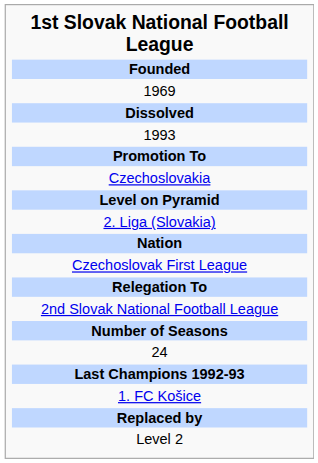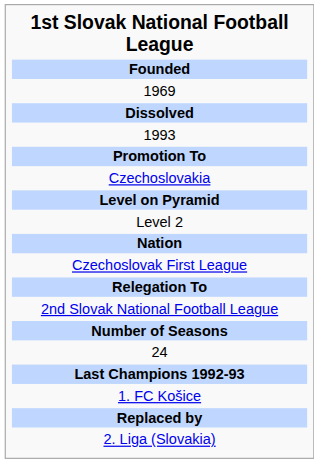 <table class="infobox football" style="width: 16em; text-align: center;">
 <tr>
 <th style="font-size: 16px;">1st Slovak National Football League</th>
 </tr>
 <tr>
 <td style="font-size: 12px; background: #BFD7FF;"><strong>Founded</strong></td>
 </tr>
 <tr>
 <td style="font-size: 12px;">1969</td>
 </tr>
 <tr>
 <td style="font-size: 12px; background: #BFD7FF;"><strong>Dissolved</strong></td>
 </tr>
 <tr>
 <td style="font-size: 12px;">1993</td>
 </tr>
 <tr>
 <td style="font-size: 12px; background: #BFD7FF;"><strong>Promotion To</strong></td>
 </tr>
 <tr>
 <td style="font-size: 12px;"><a href='#'>Czechoslovakia</a></td>
 </tr>
 <tr>
 <td style="font-size: 12px; background: #BFD7FF;"><strong>Level on Pyramid</strong></td>
 </tr>
 <tr>
-<td style="font-size: 12px;"><a href='#'>2. Liga (Slovakia)</a></td>
+<td style="font-size: 12px;">Level 2</td>
 </tr>
 <tr>
 <td style="font-size: 12px; background: #BFD7FF;"><strong>Nation</strong></td>
 </tr>
 <tr>
 <td style="font-size: 12px;"><a href='#'>Czechoslovak First League</a></td>
 </tr>
 <tr>
 <td style="font-size: 12px; background: #BFD7FF;"><strong>Relegation To</strong></td>
 </tr>
 <tr>
 <td style="font-size: 12px;"><a href='#'>2nd Slovak National Football League</a></td>
 </tr>
 <tr>
 <td style="font-size: 12px; background: #BFD7FF;"><strong>Number of Seasons</strong></td>
 </tr>
 <tr>
 <td style="font-size: 12px;">24</td>
 </tr>
 <tr>
 <td style="font-size: 12px; background: #BFD7FF;"><strong>Last Champions 1992-93</strong></td>
 </tr>
 <tr>
 <td style="font-size: 12px;"><a href='#'>1. FC Košice</a></td>
 </tr>
 <tr>
 <td style="font-size: 12px; background: #BFD7FF;"><strong>Replaced by</strong></td>
 </tr>
 <tr>
-<td style="font-size: 12px;">Level 2</td>
+<td style="font-size: 12px;"><a href='#'>2. Liga (Slovakia)</a></td>
 </tr>
 <tr>
 </tr>
 </table>
